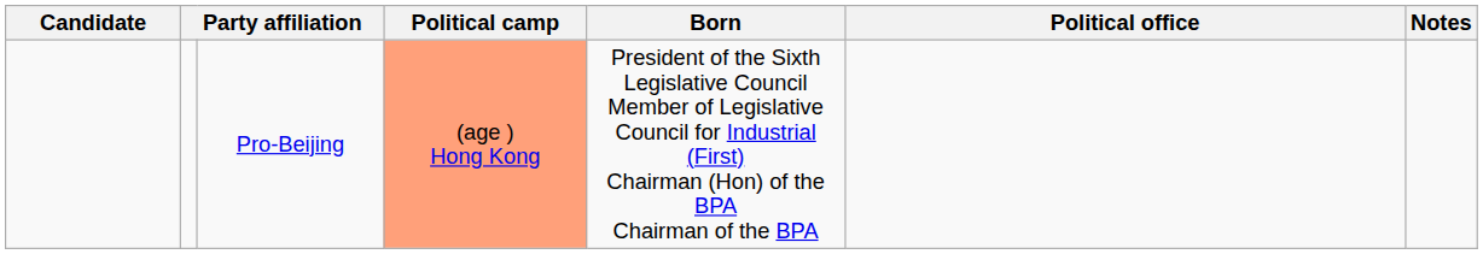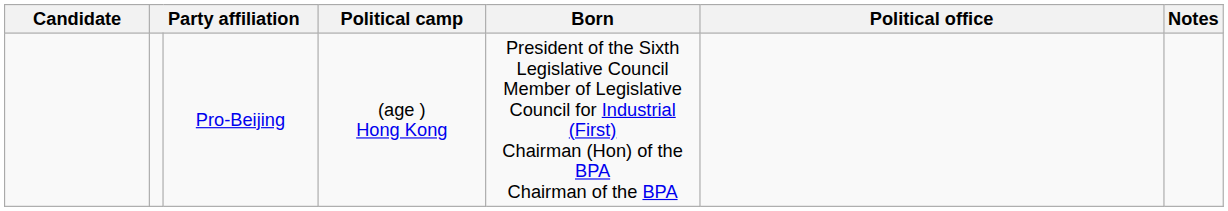 <table class="wikitable" style="text-align:center;">
 <tr>
 <th scope="col" style="width: 120px;">Candidate</th>
 <th colspan="2" style="width: 140px;">Party affiliation</th>
 <th scope="col" style="width: 140px;">Political camp</th>
 <th scope="col" style="width: 180px;">Born</th>
 <th scope="col" style="width: 400px;">Political office</th>
 <th scope="col">Notes</th>
 </tr>
 <tr>
 <td><br><br></td>
 <td></td>
 <td><a href='#'>Pro-Beijing</a></td>
-<td style="background: lightsalmon;"> (age )<br><a href='#'>Hong Kong</a></td>
+<td> (age )<br><a href='#'>Hong Kong</a></td>
 <td>President of the Sixth Legislative Council <br> Member of Legislative Council for <a href='#'>Industrial (First)</a> <br> Chairman (Hon) of the <a href='#'>BPA</a> <br> Chairman of the <a href='#'>BPA</a> </td>
 <td></td>
 </tr>
 </table>
